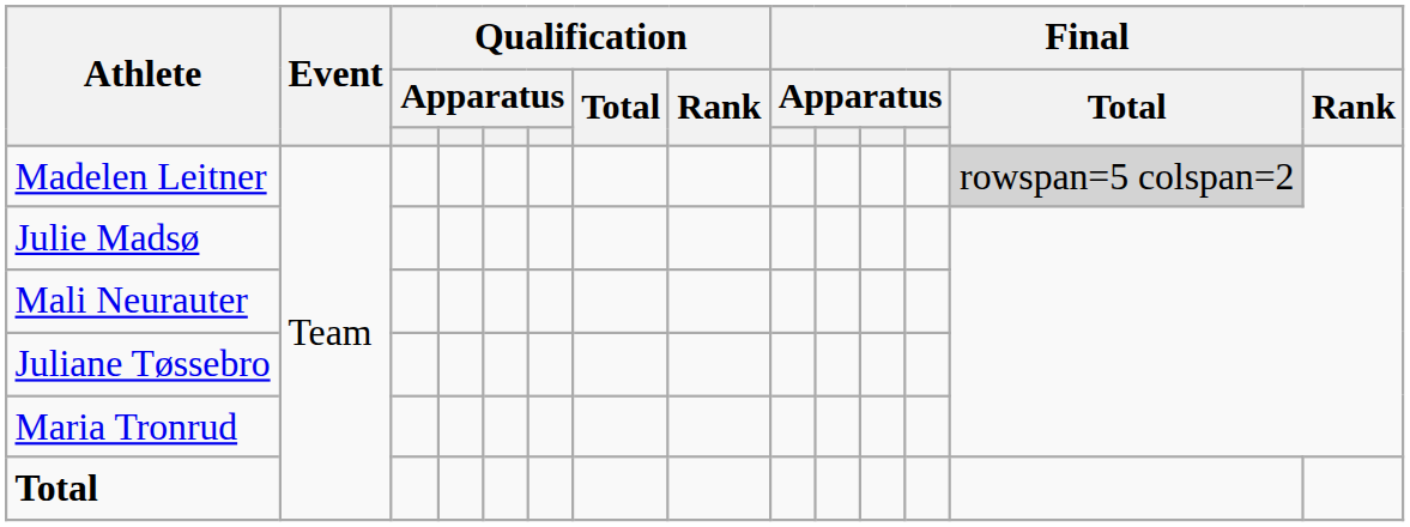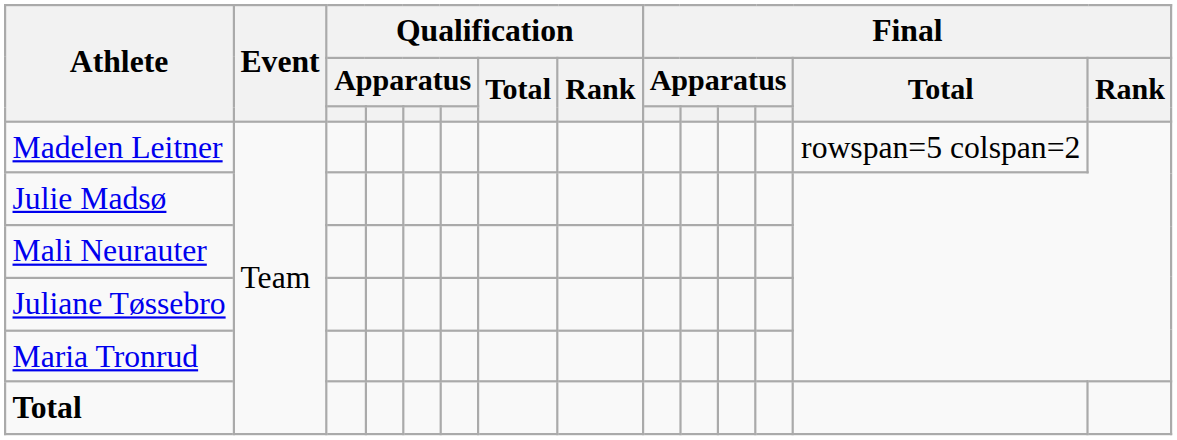 <table class="wikitable" style="font-size:90%">
 <tr>
 <th rowspan=3>Athlete</th>
 <th rowspan=3>Event</th>
 <th colspan=6>Qualification</th>
 <th colspan=6>Final</th>
 </tr>
 <tr style="font-size:95%">
 <th colspan=4>Apparatus</th>
 <th rowspan=2>Total</th>
 <th rowspan=2>Rank</th>
 <th colspan=4>Apparatus</th>
 <th rowspan=2>Total</th>
 <th rowspan=2>Rank</th>
 </tr>
 <tr style="font-size:95%">
 <th></th>
 <th></th>
 <th></th>
 <th></th>
 <th></th>
 <th></th>
 <th></th>
 <th></th>
 </tr>
 <tr align=center>
 <td align=left><a href='#'>Madelen Leitner</a></td>
 <td align=left rowspan=6>Team</td>
 <td></td>
 <td></td>
 <td></td>
 <td></td>
 <td></td>
 <td></td>
 <td></td>
 <td></td>
 <td></td>
 <td></td>
-<td style="background: lightgrey;">rowspan=5 colspan=2</td>
+<td>rowspan=5 colspan=2</td>
 </tr>
 <tr align=center>
 <td align=left><a href='#'>Julie Madsø</a></td>
 <td></td>
 <td></td>
 <td></td>
 <td></td>
 <td></td>
 <td></td>
 <td></td>
 <td></td>
 <td></td>
 <td></td>
 </tr>
 <tr align=center>
 <td align=left><a href='#'>Mali Neurauter</a></td>
 <td></td>
 <td></td>
 <td></td>
 <td></td>
 <td></td>
 <td></td>
 <td></td>
 <td></td>
 <td></td>
 <td></td>
 </tr>
 <tr align=center>
 <td align=left><a href='#'>Juliane Tøssebro</a></td>
 <td></td>
 <td></td>
 <td></td>
 <td></td>
 <td></td>
 <td></td>
 <td></td>
 <td></td>
 <td></td>
 <td></td>
 </tr>
 <tr align=center>
 <td align=left><a href='#'>Maria Tronrud</a></td>
 <td></td>
 <td></td>
 <td></td>
 <td></td>
 <td></td>
 <td></td>
 <td></td>
 <td></td>
 <td></td>
 <td></td>
 </tr>
 <tr align=center>
 <td align=left><strong>Total</strong></td>
 <td></td>
 <td></td>
 <td></td>
 <td></td>
 <td></td>
 <td></td>
 <td></td>
 <td></td>
 <td></td>
 <td></td>
 <td></td>
 <td></td>
 </tr>
 </table>
